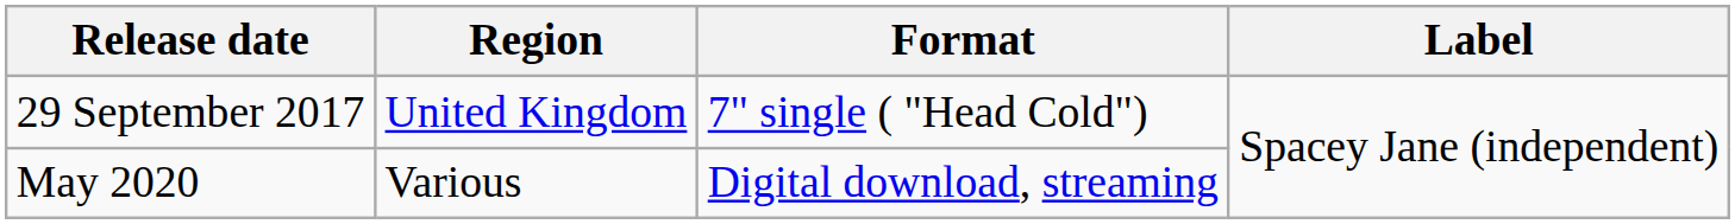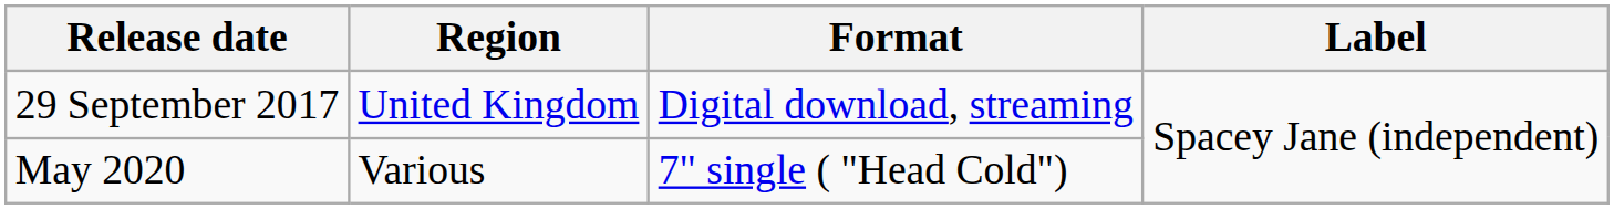 <table class="wikitable">
 <tr>
 <th>Release date</th>
 <th>Region</th>
 <th>Format</th>
 <th>Label</th>
 </tr>
 <tr>
 <td>29 September 2017</td>
 <td><a href='#'>United Kingdom</a></td>
-<td><a href='#'>7" single</a> ( "Head Cold")</td>
+<td><a href='#'>Digital download</a>, <a href='#'>streaming</a></td>
 <td rowspan="2">Spacey Jane (independent)</td>
 </tr>
 <tr>
 <td>May 2020</td>
 <td>Various</td>
-<td><a href='#'>Digital download</a>, <a href='#'>streaming</a></td>
+<td><a href='#'>7" single</a> ( "Head Cold")</td>
 </tr>
 </table>
